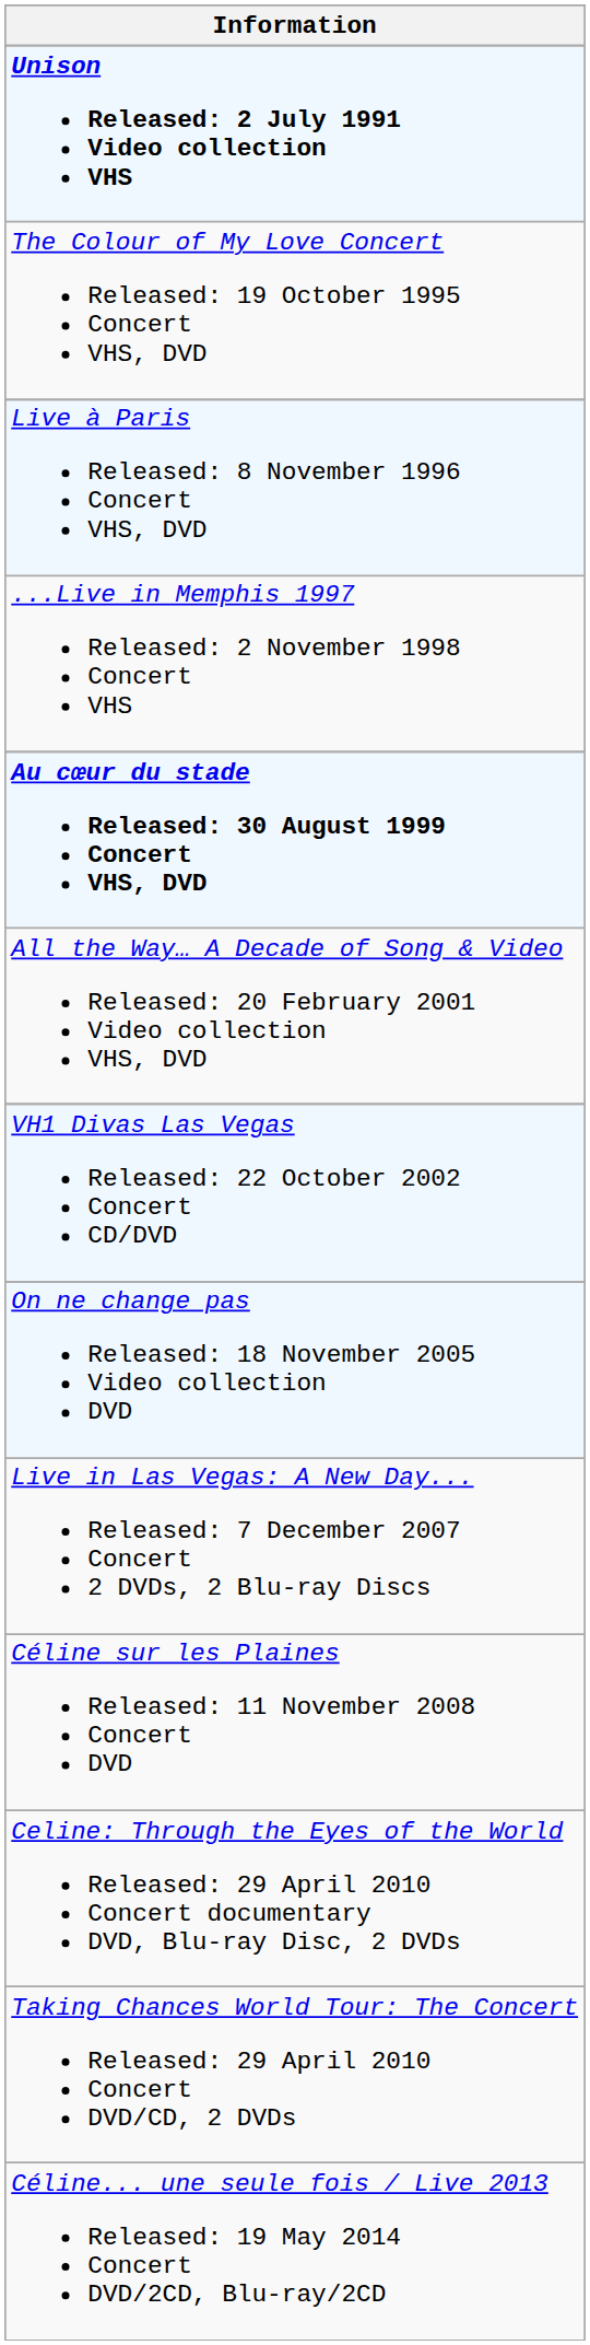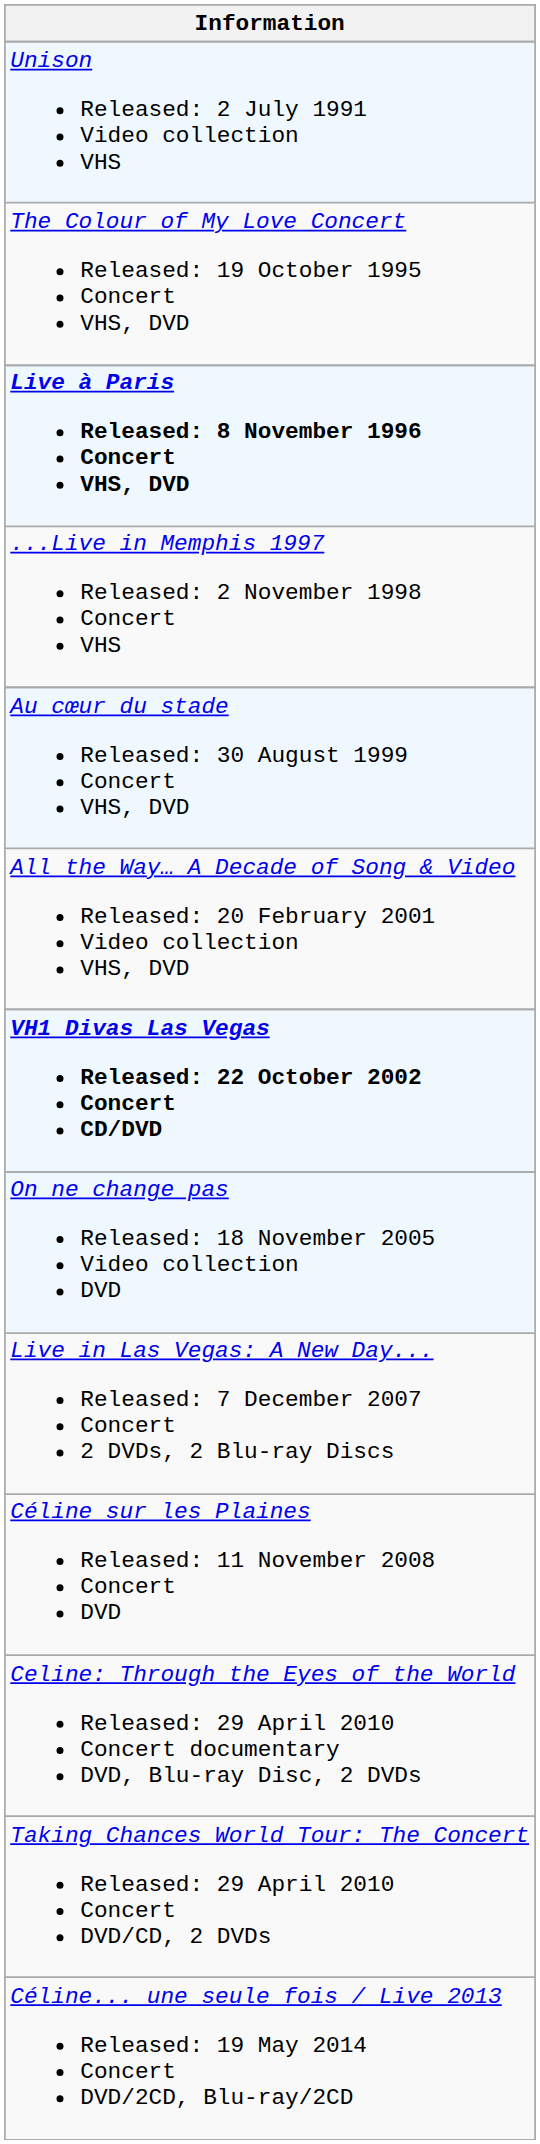 <table class="wikitable">
 <tr>
 <th align="left">Information</th>
 </tr>
 <tr>
 </tr>
 <tr bgcolor="#F0F8FF">
-<td align="left"><strong><em><a href='#'>Unison</a></em><br><ul><li>Released: 2 July 1991</li><li>Video collection</li><li>VHS</li></ul></strong></td>
+<td align="left"><em><a href='#'>Unison</a></em><br><ul><li>Released: 2 July 1991</li><li>Video collection</li><li>VHS</li></ul></td>
 </tr>
 <tr>
 <td align="left"><em><a href='#'>The Colour of My Love Concert</a></em><br><ul><li>Released: 19 October 1995</li><li>Concert</li><li>VHS, DVD</li></ul></td>
 </tr>
 <tr>
 </tr>
 <tr bgcolor="#F0F8FF">
-<td align="left"><em><a href='#'>Live à Paris</a></em><br><ul><li>Released: 8 November 1996</li><li>Concert</li><li>VHS, DVD</li></ul></td>
+<td align="left"><strong><em><a href='#'>Live à Paris</a></em><br><ul><li>Released: 8 November 1996</li><li>Concert</li><li>VHS, DVD</li></ul></strong></td>
 </tr>
 <tr>
 <td align="left"><em><a href='#'>...Live in Memphis 1997</a></em><br><ul><li>Released: 2 November 1998</li><li>Concert</li><li>VHS</li></ul></td>
 </tr>
 <tr>
 </tr>
 <tr bgcolor="#F0F8FF">
-<td align="left"><strong><em><a href='#'>Au cœur du stade</a></em><br><ul><li>Released: 30 August 1999</li><li>Concert</li><li>VHS, DVD</li></ul></strong></td>
+<td align="left"><em><a href='#'>Au cœur du stade</a></em><br><ul><li>Released: 30 August 1999</li><li>Concert</li><li>VHS, DVD</li></ul></td>
 </tr>
 <tr>
 <td align="left"><em><a href='#'>All the Way… A Decade of Song & Video</a></em><br><ul><li>Released: 20 February 2001</li><li>Video collection</li><li>VHS, DVD</li></ul></td>
 </tr>
 <tr>
 </tr>
 <tr bgcolor="#F0F8FF">
-<td align="left"><em><a href='#'>VH1 Divas Las Vegas</a></em><br><ul><li>Released: 22 October 2002</li><li>Concert</li><li>CD/DVD</li></ul></td>
+<td align="left"><strong><em><a href='#'>VH1 Divas Las Vegas</a></em><br><ul><li>Released: 22 October 2002</li><li>Concert</li><li>CD/DVD</li></ul></strong></td>
 </tr>
 <tr>
 </tr>
 <tr bgcolor="#F0F8FF">
 <td align="left"><em><a href='#'>On ne change pas</a></em><br><ul><li>Released: 18 November 2005</li><li>Video collection</li><li>DVD</li></ul></td>
 </tr>
 <tr>
 <td align="left"><em><a href='#'>Live in Las Vegas: A New Day...</a></em><br><ul><li>Released: 7 December 2007</li><li>Concert</li><li>2 DVDs, 2 Blu-ray Discs</li></ul></td>
 </tr>
 <tr>
 <td align="left"><em><a href='#'>Céline sur les Plaines</a></em><br><ul><li>Released: 11 November 2008</li><li>Concert</li><li>DVD</li></ul></td>
 </tr>
 <tr>
 <td align="left"><em><a href='#'>Celine: Through the Eyes of the World</a></em><br><ul><li>Released: 29 April 2010</li><li>Concert documentary</li><li>DVD, Blu-ray Disc, 2 DVDs</li></ul></td>
 </tr>
 <tr>
 <td align="left"><em><a href='#'>Taking Chances World Tour: The Concert</a></em><br><ul><li>Released: 29 April 2010</li><li>Concert</li><li>DVD/CD, 2 DVDs</li></ul></td>
 </tr>
 <tr>
 <td align="left"><em><a href='#'>Céline... une seule fois / Live 2013</a></em><br><ul><li>Released: 19 May 2014</li><li>Concert</li><li>DVD/2CD, Blu-ray/2CD</li></ul></td>
 </tr>
 </table>
